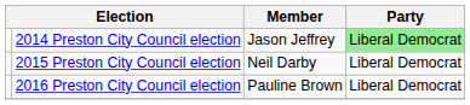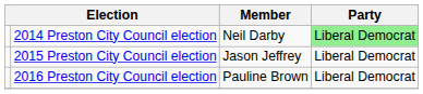 <table class="wikitable">
 <tr>
 <th colspan="2">Election</th>
 <th>Member</th>
 <th>Party</th>
 </tr>
 <tr>
 <td style="background-color: "></td>
 <td><a href='#'>2014 Preston City Council election</a></td>
-<td>Jason Jeffrey</td>
+<td>Neil Darby</td>
 <td style="background: lightgreen;">Liberal Democrat</td>
 </tr>
 <tr>
 <td style="background-color: "></td>
 <td><a href='#'>2015 Preston City Council election</a></td>
-<td>Neil Darby</td>
+<td>Jason Jeffrey</td>
 <td>Liberal Democrat</td>
 </tr>
 <tr>
 <td style="background-color: "></td>
 <td><a href='#'>2016 Preston City Council election</a></td>
 <td>Pauline Brown</td>
 <td>Liberal Democrat</td>
 </tr>
 <tr>
 </tr>
 </table>
